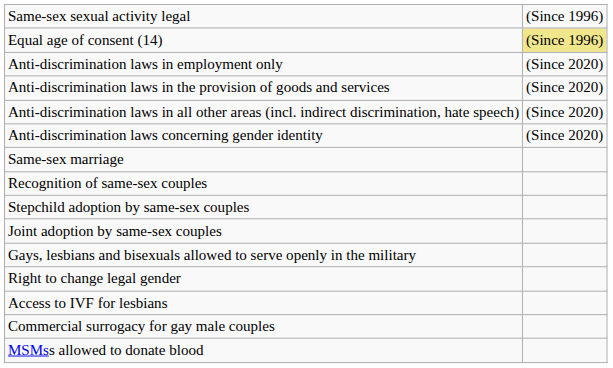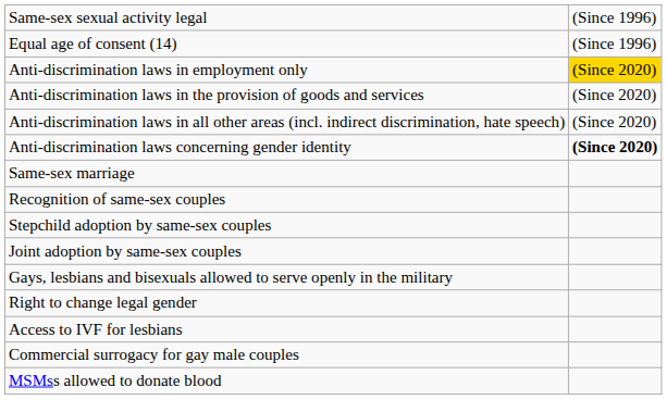 <table class="wikitable">
 <tr>
 <td>Same-sex sexual activity legal</td>
 <td> (Since 1996)</td>
 </tr>
 <tr>
 <td>Equal age of consent (14)</td>
-<td style="background: khaki;"> (Since 1996)</td>
+<td> (Since 1996)</td>
 </tr>
 <tr>
 <td>Anti-discrimination laws in employment only</td>
-<td> (Since 2020)</td>
+<td style="background: gold;"> (Since 2020)</td>
 </tr>
 <tr>
 <td>Anti-discrimination laws in the provision of goods and services</td>
 <td> (Since 2020)</td>
 </tr>
 <tr>
 <td>Anti-discrimination laws in all other areas (incl. indirect discrimination, hate speech)</td>
 <td> (Since 2020)</td>
 </tr>
 <tr>
 <td>Anti-discrimination laws concerning gender identity</td>
-<td> (Since 2020)</td>
+<td><strong> (Since 2020)</strong></td>
 </tr>
 <tr>
 <td>Same-sex marriage</td>
 <td></td>
 </tr>
 <tr>
 <td>Recognition of same-sex couples</td>
 <td></td>
 </tr>
 <tr>
 <td>Stepchild adoption by same-sex couples</td>
 <td></td>
 </tr>
 <tr>
 <td>Joint adoption by same-sex couples</td>
 <td></td>
 </tr>
 <tr>
 <td>Gays, lesbians and bisexuals allowed to serve openly in the military</td>
 <td></td>
 </tr>
 <tr>
 <td>Right to change legal gender</td>
 <td></td>
 </tr>
 <tr>
 <td>Access to IVF for lesbians</td>
 <td></td>
 </tr>
 <tr>
 <td>Commercial surrogacy for gay male couples</td>
 <td></td>
 </tr>
 <tr>
 <td><a href='#'>MSMs</a>s allowed to donate blood</td>
 <td></td>
 </tr>
 </table>
